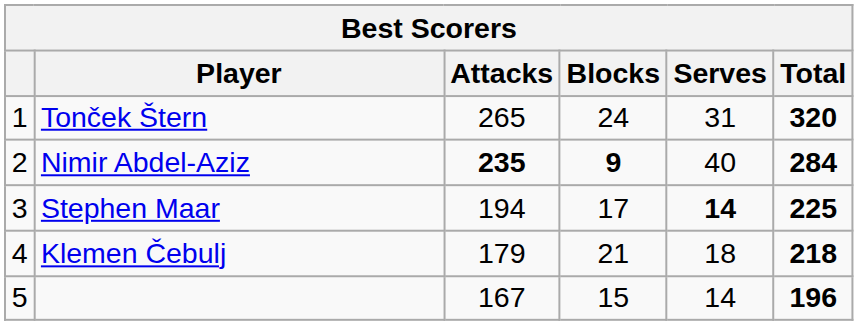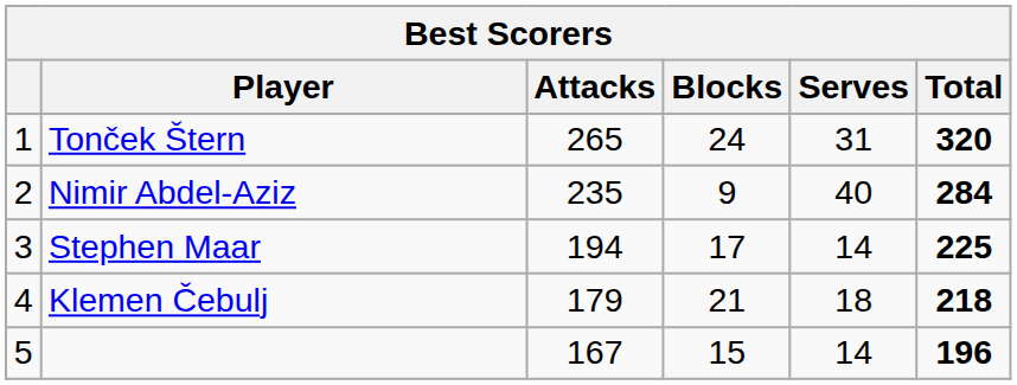 <table class="wikitable sortable" style=font-size:90%>
 <tr>
 <th colspan=6>Best Scorers</th>
 </tr>
 <tr>
 <th></th>
 <th width=200>Player</th>
 <th width=20>Attacks</th>
 <th width=20>Blocks</th>
 <th width=20>Serves</th>
 <th width=20>Total</th>
 </tr>
 <tr>
 <td>1</td>
 <td> <a href='#'>Tonček Štern</a></td>
 <td align=center>265</td>
 <td align=center>24</td>
 <td align=center>31</td>
 <td align=center><strong>320</strong></td>
 </tr>
 <tr>
 <td>2</td>
 <td> <a href='#'>Nimir Abdel-Aziz</a></td>
-<td align=center><strong>235</strong></td>
-<td align=center><strong>9</strong></td>
+<td align=center>235</td>
+<td align=center>9</td>
 <td align=center>40</td>
 <td align=center><strong>284</strong></td>
 </tr>
 <tr>
 <td>3</td>
 <td> <a href='#'>Stephen Maar</a></td>
 <td align=center>194</td>
 <td align=center>17</td>
-<td align=center><strong>14</strong></td>
+<td align=center>14</td>
 <td align=center><strong>225</strong></td>
 </tr>
 <tr>
 <td>4</td>
 <td> <a href='#'>Klemen Čebulj</a></td>
 <td align=center>179</td>
 <td align=center>21</td>
 <td align=center>18</td>
 <td align=center><strong>218</strong></td>
 </tr>
 <tr>
 <td>5</td>
 <td> </td>
 <td align=center>167</td>
 <td align=center>15</td>
 <td align=center>14</td>
 <td align=center><strong>196</strong></td>
 </tr>
 </table>
